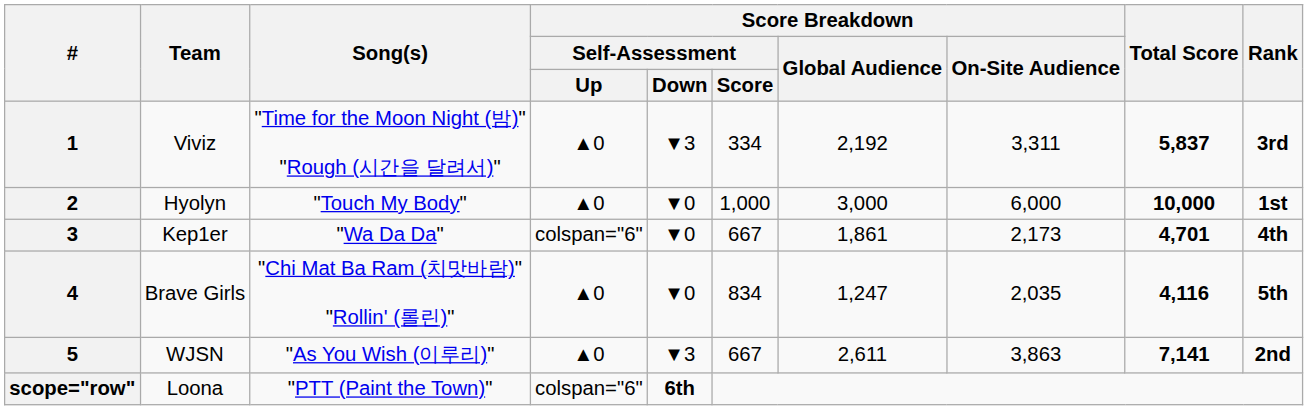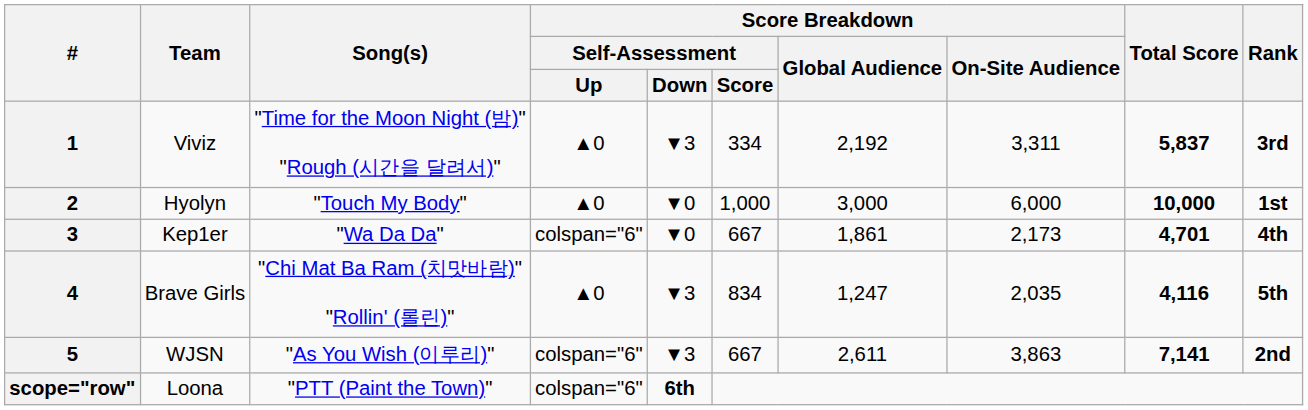 <table class="wikitable plainrowheaders sortable" style="text-align:center">
 <tr>
 <th scope="col" rowspan="3">#</th>
 <th scope="col" rowspan="3">Team</th>
 <th scope="col" rowspan="3">Song(s)</th>
 <th scope="col" colspan="5">Score Breakdown</th>
 <th scope="col" rowspan="3">Total Score<br></th>
 <th scope="col" rowspan="3">Rank</th>
 </tr>
 <tr>
 <th scope="col" colspan="3">Self-Assessment<br></th>
 <th scope="col" rowspan="2">Global Audience<br></th>
 <th scope="col" rowspan="2">On-Site Audience<br></th>
 </tr>
 <tr>
 <th scope="col">Up</th>
 <th scope="col">Down</th>
 <th scope="col">Score</th>
 </tr>
 <tr>
 <th scope="row" style="text-align:center"><strong>1</strong></th>
 <td>Viviz</td>
 <td>"<a href='#'>Time for the Moon Night (밤)</a>"<br><br>"<a href='#'>Rough (시간을 달려서)</a>"</td>
 <td>▲0</td>
 <td>▼3</td>
 <td>334</td>
 <td>2,192</td>
 <td>3,311</td>
 <td><strong>5,837</strong></td>
 <td><strong>3rd</strong></td>
 </tr>
 <tr>
 <th scope="row" style="text-align:center"><strong>2</strong></th>
 <td>Hyolyn</td>
 <td>"<a href='#'>Touch My Body</a>"</td>
 <td>▲0</td>
 <td>▼0</td>
 <td>1,000</td>
 <td>3,000</td>
 <td>6,000</td>
 <td><strong>10,000</strong></td>
 <td><strong>1st</strong></td>
 </tr>
 <tr>
 <th scope="row" style="text-align:center"><strong>3</strong></th>
 <td>Kep1er</td>
 <td>"<a href='#'>Wa Da Da</a>"<br></td>
 <td>colspan="6" </td>
 <td>▼0</td>
 <td>667</td>
 <td>1,861</td>
 <td>2,173</td>
 <td><strong>4,701</strong></td>
 <td><strong>4th</strong></td>
 </tr>
 <tr>
 <th scope="row" style="text-align:center"><strong>4</strong></th>
 <td>Brave Girls</td>
 <td>"<a href='#'>Chi Mat Ba Ram (치맛바람)</a>"<br><br>"<a href='#'>Rollin' (롤린)</a>"<br></td>
 <td>▲0</td>
-<td>▼0</td>
+<td>▼3</td>
 <td>834</td>
 <td>1,247</td>
 <td>2,035</td>
 <td><strong>4,116</strong></td>
 <td><strong>5th</strong></td>
 </tr>
 <tr>
 <th scope="row" style="text-align:center"><strong>5</strong></th>
 <td>WJSN</td>
 <td>"<a href='#'>As You Wish (이루리)</a>"</td>
-<td>▲0</td>
+<td>colspan="6" </td>
 <td>▼3</td>
 <td>667</td>
 <td>2,611</td>
 <td>3,863</td>
 <td><strong>7,141</strong></td>
 <td><strong>2nd</strong></td>
 </tr>
 <tr>
 <th>scope="row" </th>
 <td>Loona</td>
 <td>"<a href='#'>PTT (Paint the Town)</a>"</td>
 <td>colspan="6" </td>
 <td><strong>6th</strong></td>
 </tr>
 </table>
